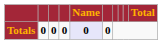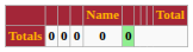 <table class="wikitable" style="text-align:center">
 <tr>
 <th style="background:#A32638; color:#FFB300; "></th>
 <th style="background:#A32638; color:#FFB300; "></th>
 <th style="background:#A32638; color:#FFB300; "></th>
 <th style="background:#A32638; color:#FFB300; "></th>
 <th style="background:#A32638; color:#FFB300; ">Name</th>
 <th style="background:#A32638; color:#FFB300; "></th>
 <th style="background:#A32638; color:#FFB300; "></th>
 <th style="background:#A32638; color:#FFB300; "></th>
 <th style="background:#A32638; color:#FFB300; "></th>
 <th style="background:#A32638; color:#FFB300; ">Total</th>
 </tr>
 <tr>
 <td style="background:#A32638; color:#FFB300; "><strong>Totals</strong></td>
 <td><strong>0</strong></td>
 <td><strong>0</strong></td>
 <td><strong>0</strong></td>
-<td style="background: lavender;"><strong>0</strong></td>
 <td><strong>0</strong></td>
+<td style="background: lightgreen;"><strong>0</strong></td>
 </tr>
 </table>
